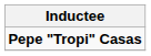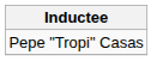 <table class="wikitable">
 <tr>
 <th>Inductee</th>
 </tr>
 <tr>
-<td><strong>Pepe "Tropi" Casas</strong></td>
+<td>Pepe "Tropi" Casas</td>
 </tr>
 <tr>
 </tr>
 </table>
